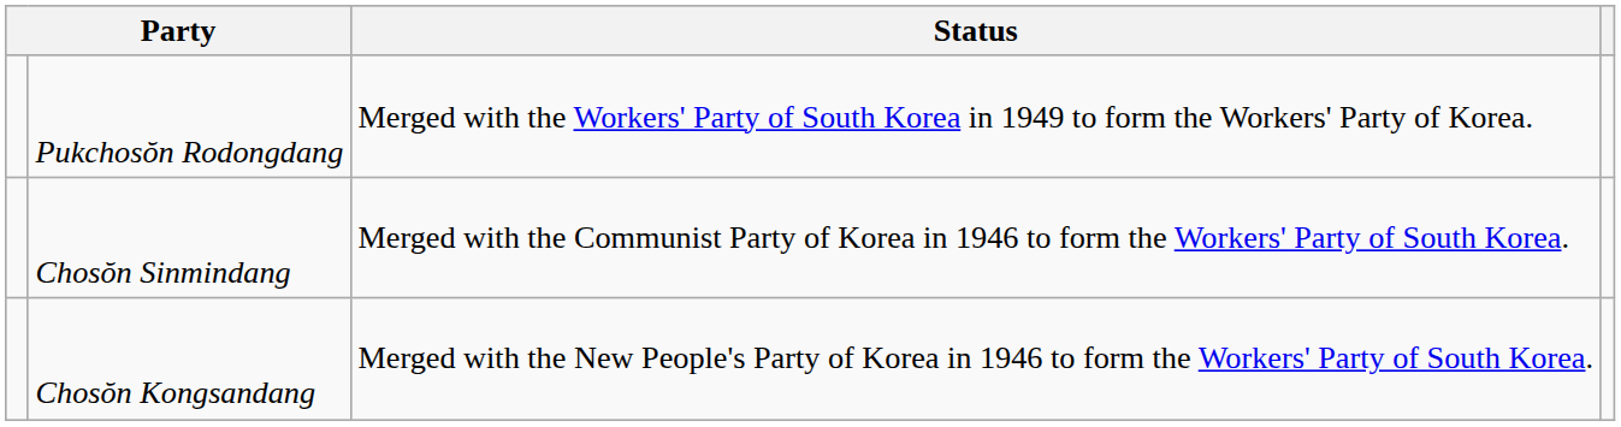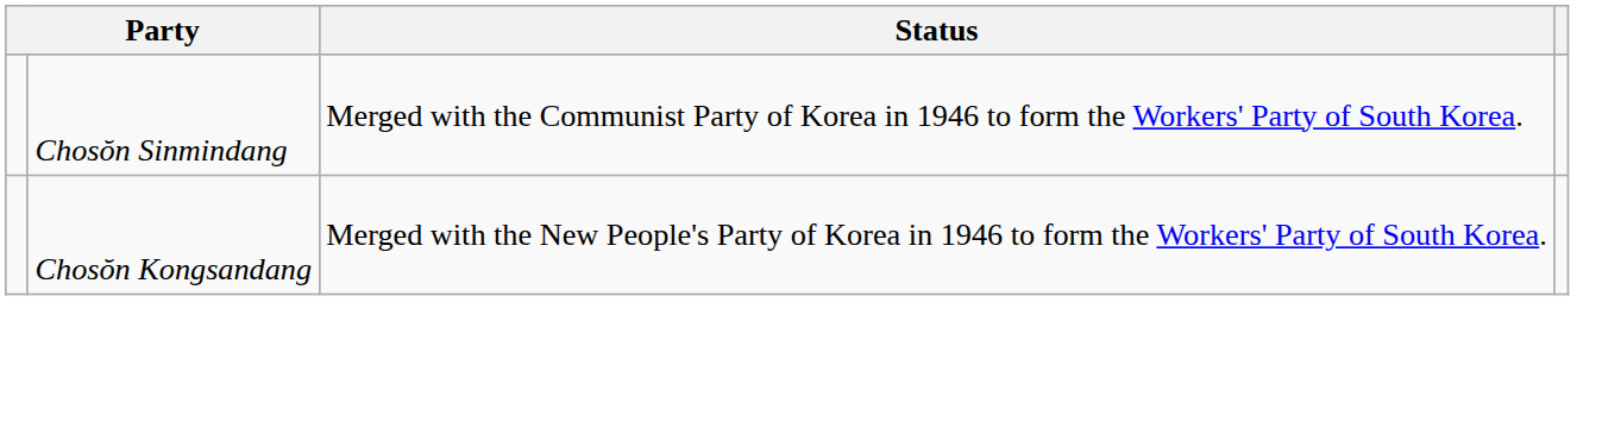 <table class="wikitable">
 <tr>
 <th colspan=2>Party</th>
 <th>Status</th>
 <th class="unsortable"></th>
-</tr>
-<tr>
-<td style="background:"> </td>
-<td><br><br><em>Pukchosŏn Rodongdang</em></td>
-<td>Merged with the <a href='#'>Workers' Party of South Korea</a> in 1949 to form the Workers' Party of Korea.</td>
-<td></td>
 </tr>
 <tr>
 <td style="background:"> </td>
 <td><br><br><em>Chosŏn Sinmindang</em></td>
 <td>Merged with the Communist Party of Korea in 1946 to form the <a href='#'>Workers' Party of South Korea</a>.</td>
 <td></td>
 </tr>
 <tr>
 <td style="background:"> </td>
 <td><br><br><em>Chosŏn Kongsandang</em></td>
 <td>Merged with the New People's Party of Korea in 1946 to form the <a href='#'>Workers' Party of South Korea</a>.</td>
 <td></td>
 </tr>
 </table>
